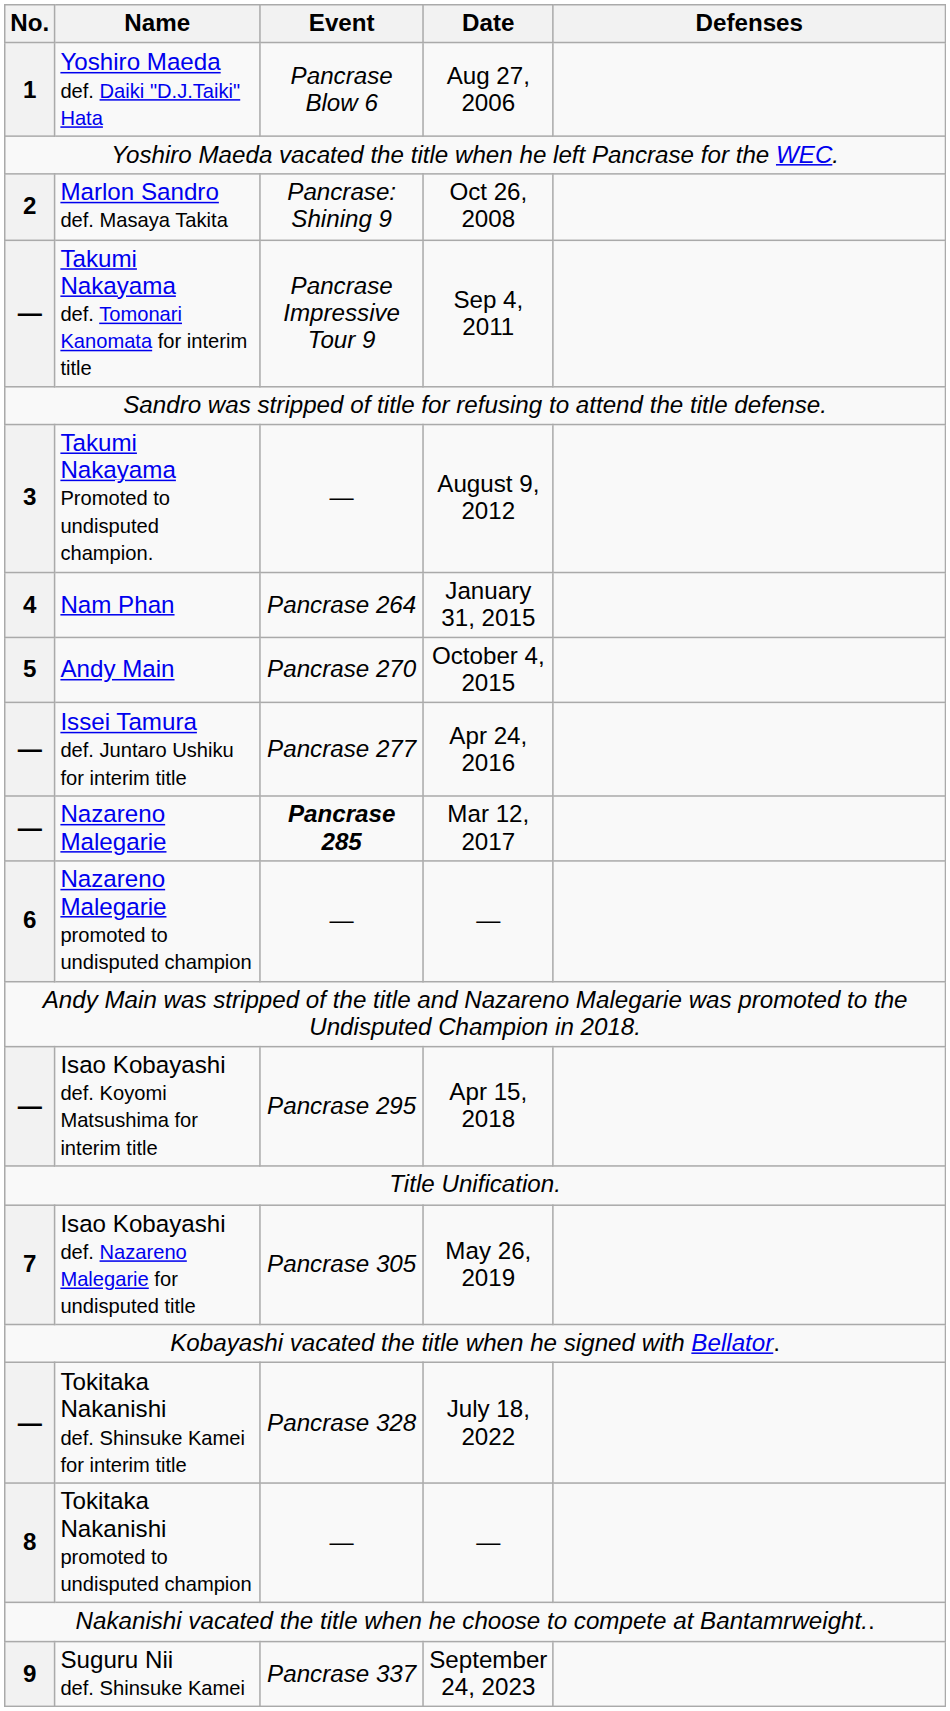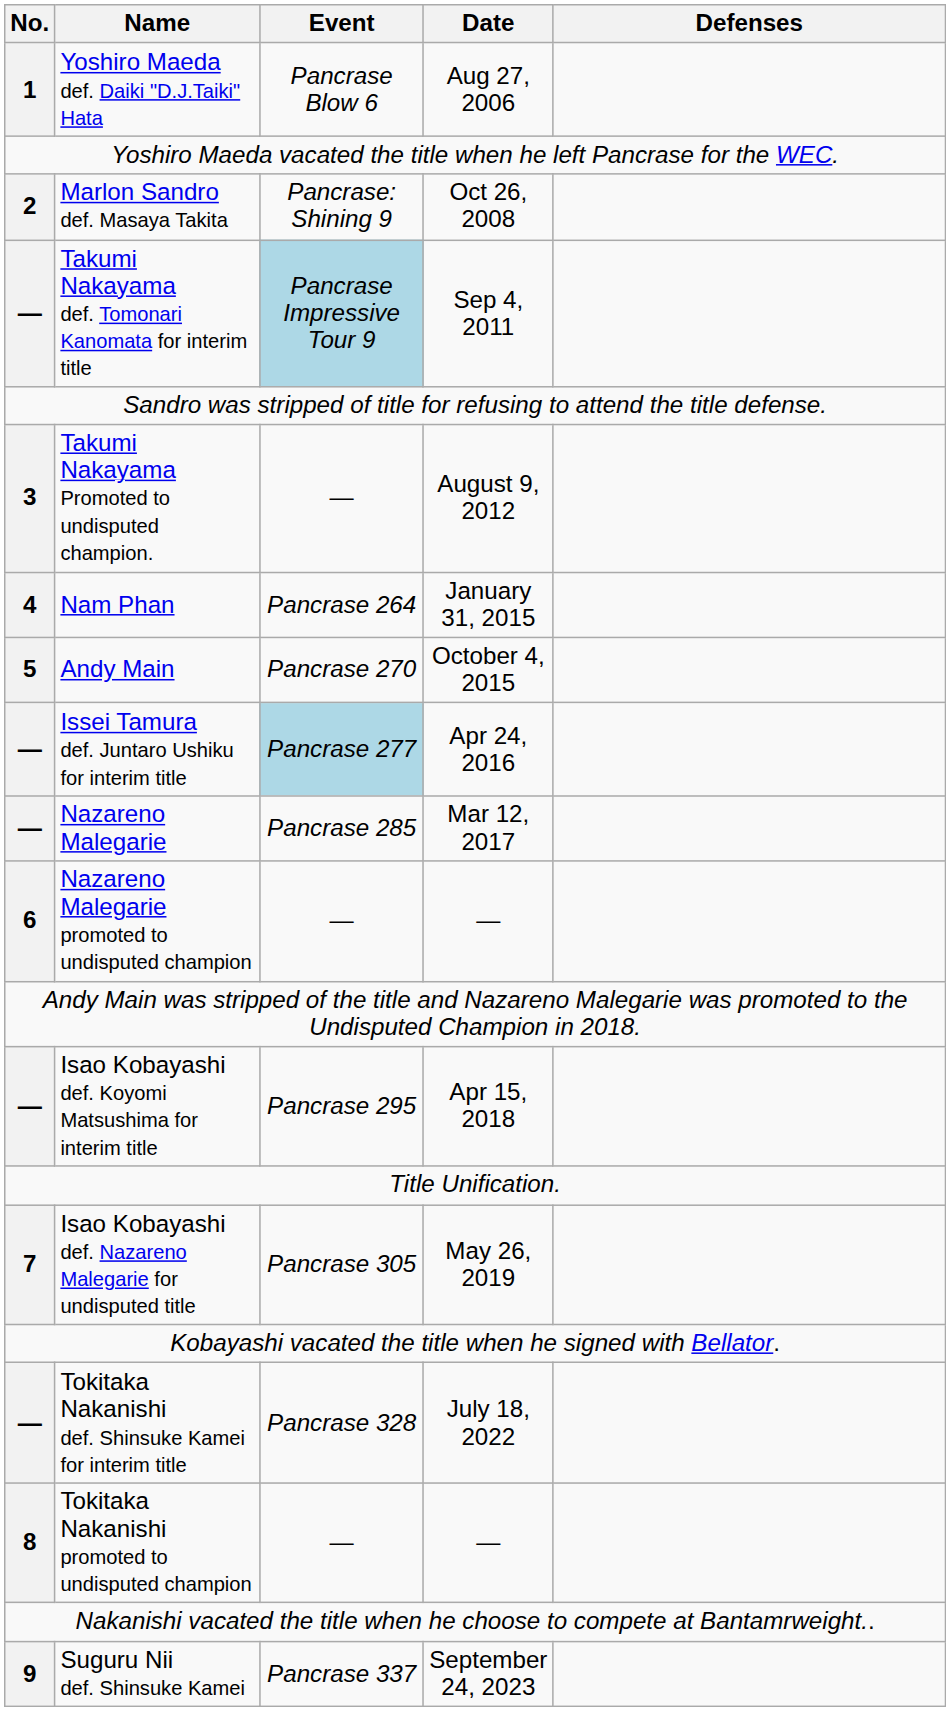 <table class="wikitable" width=100%>
 <tr>
 <th width=1%>No.</th>
 <th width=23%>Name</th>
 <th width=18%>Event</th>
 <th width=12%>Date</th>
 <th width=46%>Defenses</th>
 </tr>
 <tr>
 <th>1</th>
 <td align=left> <a href='#'>Yoshiro Maeda</a><br><small>def. <a href='#'>Daiki "D.J.Taiki" Hata</a></small></td>
 <td align=center><em>Pancrase Blow 6</em><br></td>
 <td align=center>Aug 27, 2006</td>
 <td><br></td>
 </tr>
 <tr>
 <td colspan=5 align=center><em>Yoshiro Maeda vacated the title when he left Pancrase for the <a href='#'>WEC</a>.</em></td>
 </tr>
 <tr>
 <th>2</th>
 <td align=left> <a href='#'>Marlon Sandro</a><br><small>def. Masaya Takita</small></td>
 <td align=center><em>Pancrase: Shining 9</em><br></td>
 <td align=center>Oct 26, 2008</td>
 <td></td>
 </tr>
 <tr>
 <th>—</th>
 <td align=left> <a href='#'>Takumi Nakayama</a><br><small>def. <a href='#'>Tomonari Kanomata</a> for interim title</small></td>
-<td align=center><em>Pancrase Impressive Tour 9</em><br></td>
+<td align=center style="background: lightblue;"><em>Pancrase Impressive Tour 9</em><br></td>
 <td align=center>Sep 4, 2011</td>
 <td><br></td>
 </tr>
 <tr>
 <td colspan=5 align=center><em>Sandro was stripped of title for refusing to attend the title defense.</em> </td>
 </tr>
 <tr>
 <th>3</th>
 <td align=left> <a href='#'>Takumi Nakayama</a><br><small>Promoted to undisputed champion.</small></td>
 <td align=center>—</td>
 <td align=center>August 9, 2012</td>
 <td></td>
 </tr>
 <tr>
 <th>4</th>
 <td align=left> <a href='#'>Nam Phan</a></td>
 <td align=center><em>Pancrase 264</em><br></td>
 <td align=center>January 31, 2015</td>
 <td></td>
 </tr>
 <tr>
 <th>5</th>
 <td align=left> <a href='#'>Andy Main</a></td>
 <td align=center><em>Pancrase 270</em><br></td>
 <td align=center>October 4, 2015</td>
 <td></td>
 </tr>
 <tr>
 <th>—</th>
 <td align=left> <a href='#'>Issei Tamura</a><br><small>def. Juntaro Ushiku for interim title</small></td>
-<td align=center><em>Pancrase 277</em><br></td>
+<td align=center style="background: lightblue;"><em>Pancrase 277</em><br></td>
 <td align=center>Apr 24, 2016</td>
 <td></td>
 </tr>
 <tr>
 <th>—</th>
 <td align=left> <a href='#'>Nazareno Malegarie</a></td>
-<td align=center><strong><em>Pancrase 285</em><br></strong></td>
+<td align=center><em>Pancrase 285</em><br></td>
 <td align=center>Mar 12, 2017</td>
 <td></td>
 </tr>
 <tr>
 <th>6</th>
 <td align=left> <a href='#'>Nazareno Malegarie</a><br><small>promoted to undisputed champion</small></td>
 <td align=center>—</td>
 <td align=center>—</td>
 <td></td>
 </tr>
 <tr>
 <td colspan=5 align=center><em>Andy Main was stripped of the title and Nazareno Malegarie was promoted to the Undisputed Champion in 2018.</em></td>
 </tr>
 <tr>
 <th>—</th>
 <td align=left> Isao Kobayashi<br><small>def. Koyomi Matsushima for interim title</small></td>
 <td align=center><em>Pancrase 295</em><br></td>
 <td align=center>Apr 15, 2018</td>
 <td></td>
 </tr>
 <tr>
 <td colspan=5 align=center><em>Title Unification.</em></td>
 </tr>
 <tr>
 <th>7</th>
 <td align=left> Isao Kobayashi<br><small>def. <a href='#'>Nazareno Malegarie</a> for undisputed title</small></td>
 <td align=center><em>Pancrase 305</em><br></td>
 <td align=center>May 26, 2019</td>
 <td><br><br> </td>
 </tr>
 <tr>
 <td colspan=5 align=center><em>Kobayashi vacated the title when he signed with <a href='#'>Bellator</a></em>.</td>
 </tr>
 <tr>
 <th>—</th>
 <td align=left> Tokitaka Nakanishi<br><small>def. Shinsuke Kamei for interim title</small></td>
 <td align=center><em>Pancrase 328</em><br></td>
 <td align=center>July 18, 2022</td>
 <td></td>
 </tr>
 <tr>
 <th>8</th>
 <td align=left> Tokitaka Nakanishi<br><small>promoted to undisputed champion</small></td>
 <td align=center>—</td>
 <td align=center>—</td>
 <td></td>
 </tr>
 <tr>
 <td colspan=5 align=center><em>Nakanishi vacated the title when he choose to compete at Bantamrweight.</em>.</td>
 </tr>
 <tr>
 <th>9</th>
 <td align=left> Suguru Nii<br><small>def. Shinsuke Kamei</small></td>
 <td align=center><em>Pancrase 337</em><br></td>
 <td align=center>September 24, 2023</td>
 <td></td>
 </tr>
 <tr>
 </tr>
 </table>
